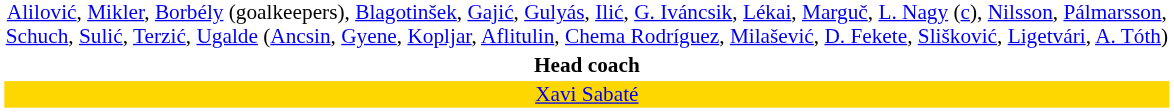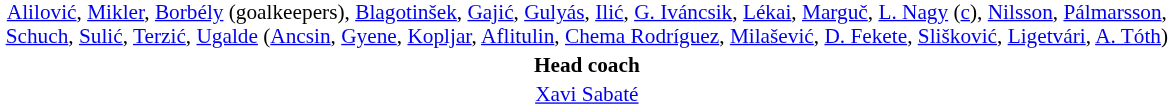 <table style="text-align: center; margin-top: 1em; margin-left: auto; margin-right: auto">
 <tr>
 <td><a href='#'>Alilović</a>, <a href='#'>Mikler</a>, <a href='#'>Borbély</a> (goalkeepers), <a href='#'>Blagotinšek</a>, <a href='#'>Gajić</a>, <a href='#'>Gulyás</a>, <a href='#'>Ilić</a>, <a href='#'>G. Iváncsik</a>, <a href='#'>Lékai</a>, <a href='#'>Marguč</a>, <a href='#'>L. Nagy</a> (<a href='#'>c</a>), <a href='#'>Nilsson</a>, <a href='#'>Pálmarsson</a>,<br><a href='#'>Schuch</a>, <a href='#'>Sulić</a>, <a href='#'>Terzić</a>, <a href='#'>Ugalde</a> (<a href='#'>Ancsin</a>, <a href='#'>Gyene</a>, <a href='#'>Kopljar</a>, <a href='#'>Aflitulin</a>, <a href='#'>Chema Rodríguez</a>, <a href='#'>Milašević</a>, <a href='#'>D. Fekete</a>, <a href='#'>Slišković</a>, <a href='#'>Ligetvári</a>, <a href='#'>A. Tóth</a>)</td>
 </tr>
 <tr>
 <td><strong>Head coach</strong></td>
 </tr>
 <tr>
-<td style="background: gold;"><a href='#'>Xavi Sabaté</a></td>
+<td><a href='#'>Xavi Sabaté</a></td>
 </tr>
 </table>
